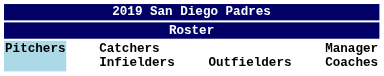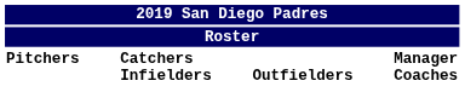 <table class="toccolours" style="font-size: 95%;">
 <tr>
 <th colspan="10" style="background-color: #000066; color: #FFFFFF; text-align: center;">2019 San Diego Padres</th>
 </tr>
 <tr>
 <td colspan="10" style="background-color: #000066; color: #FFFFFF; text-align: center;"><strong>Roster</strong></td>
 </tr>
 <tr>
-<td valign="top" style="background: lightblue;"><strong>Pitchers</strong><br>                               </td>
+<td valign="top"><strong>Pitchers</strong><br>                               </td>
 <td width="25px"></td>
 <td valign="top"><strong>Catchers</strong><br>    <strong>Infielders</strong>        </td>
 <td width="25px"></td>
 <td valign="top"><br><strong>Outfielders</strong>          </td>
 <td width="25px"></td>
 <td valign="top"><strong>Manager</strong><br>  <strong>Coaches</strong>                    </td>
 </tr>
 </table>
